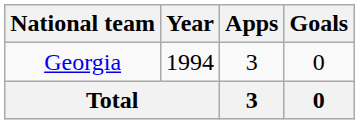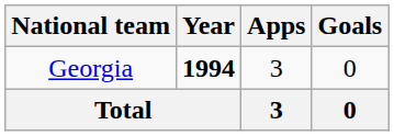 <table class="wikitable" style="text-align:center">
 <tr>
 <th>National team</th>
 <th>Year</th>
 <th>Apps</th>
 <th>Goals</th>
 </tr>
 <tr>
 <td><a href='#'>Georgia</a></td>
-<td>1994</td>
+<td><strong>1994</strong></td>
 <td>3</td>
 <td>0</td>
 </tr>
 <tr>
 <th colspan="2">Total</th>
 <th>3</th>
 <th>0</th>
 </tr>
 </table>
